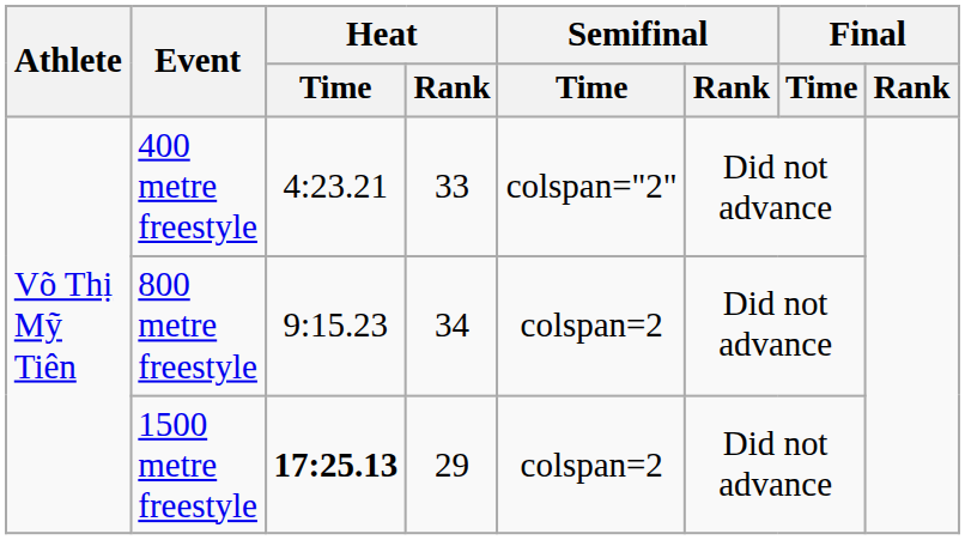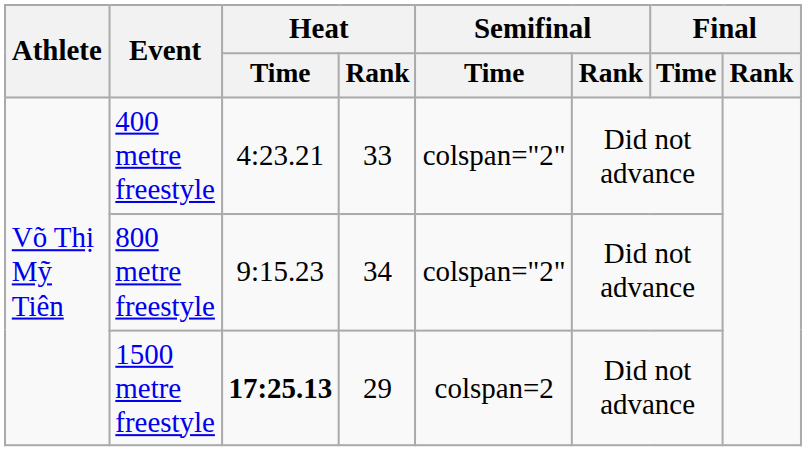 <table class="wikitable" style="text-align:center; font-size:90%; width:50%;">
 <tr>
 <th rowspan="2">Athlete</th>
 <th rowspan="2">Event</th>
 <th colspan="2">Heat</th>
 <th colspan="2">Semifinal</th>
 <th colspan="2">Final</th>
 </tr>
 <tr style="font-size:95%">
 <th>Time</th>
 <th>Rank</th>
 <th>Time</th>
 <th>Rank</th>
 <th>Time</th>
 <th>Rank</th>
 </tr>
 <tr>
 <td align=left rowspan=3><a href='#'>Võ Thị Mỹ Tiên</a></td>
 <td align=left><a href='#'>400 metre freestyle</a></td>
 <td>4:23.21</td>
 <td>33</td>
 <td>colspan="2" </td>
 <td colspan="2">Did not advance</td>
 </tr>
 <tr>
 <td align=left><a href='#'>800 metre freestyle</a></td>
 <td>9:15.23</td>
 <td>34</td>
-<td>colspan=2</td>
+<td>colspan="2" </td>
 <td colspan="2">Did not advance</td>
 </tr>
 <tr>
 <td align=left><a href='#'>1500 metre freestyle</a></td>
 <td><strong>17:25.13</strong></td>
 <td>29</td>
 <td>colspan=2</td>
 <td colspan="2">Did not advance</td>
 </tr>
 </table>
